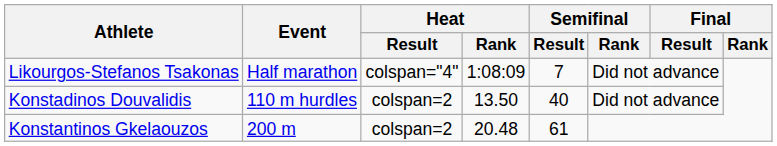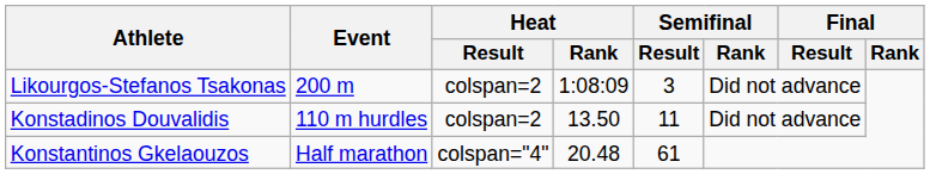 <table class="wikitable" style="font-size:90%">
 <tr>
 <th rowspan=2>Athlete</th>
 <th rowspan=2>Event</th>
 <th colspan=2>Heat</th>
 <th colspan=2>Semifinal</th>
 <th colspan=2>Final</th>
 </tr>
 <tr style="font-size:95%">
 <th>Result</th>
 <th>Rank</th>
 <th>Result</th>
 <th>Rank</th>
 <th>Result</th>
 <th>Rank</th>
 </tr>
 <tr align="center">
 <td align=left><a href='#'>Likourgos-Stefanos Tsakonas</a></td>
-<td style="text-align:left;"><a href='#'>Half marathon</a></td>
-<td>colspan="4" </td>
+<td style="text-align:left;"><a href='#'>200 m</a></td>
+<td>colspan=2 </td>
 <td>1:08:09</td>
-<td>7</td>
+<td>3</td>
 <td colspan="2">Did not advance</td>
 </tr>
 <tr align=center>
 <td align=left><a href='#'>Konstadinos Douvalidis</a></td>
 <td style="text-align:left;"><a href='#'>110 m hurdles</a></td>
 <td>colspan=2 </td>
 <td>13.50</td>
-<td>40</td>
+<td>11</td>
 <td colspan="2">Did not advance</td>
 </tr>
 <tr align="center">
 <td align=left><a href='#'>Konstantinos Gkelaouzos</a></td>
-<td style="text-align:left;"><a href='#'>200 m</a></td>
-<td>colspan=2 </td>
+<td style="text-align:left;"><a href='#'>Half marathon</a></td>
+<td>colspan="4" </td>
 <td>20.48</td>
 <td>61</td>
 </tr>
 </table>
